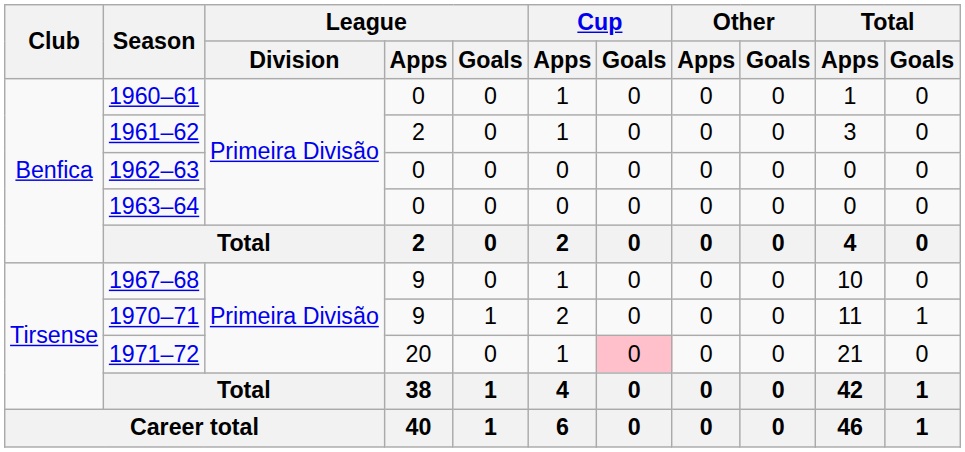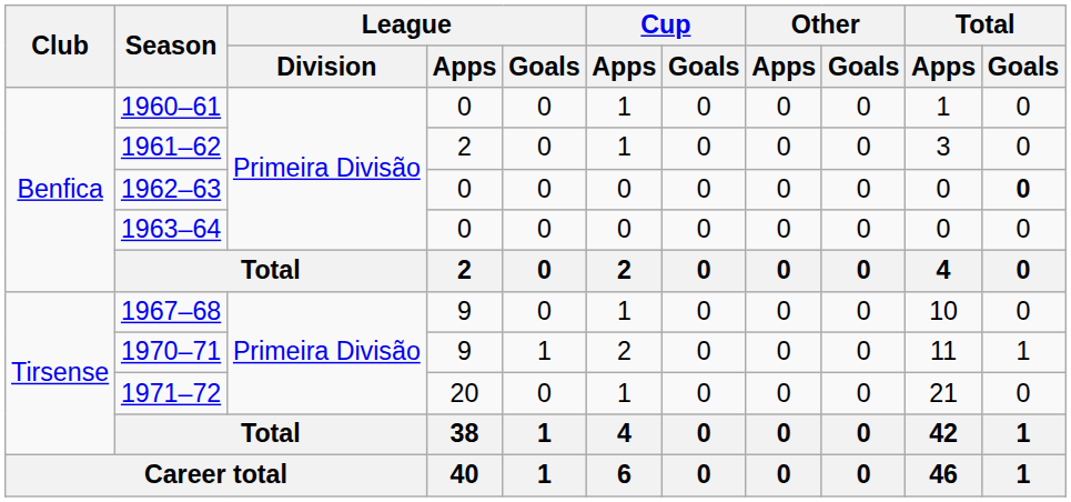 <table class="wikitable" style="text-align: center">
 <tr>
 <th rowspan="2">Club</th>
 <th rowspan="2">Season</th>
 <th colspan="3">League</th>
 <th colspan="2"><a href='#'>Cup</a></th>
 <th colspan="2">Other</th>
 <th colspan="2">Total</th>
 </tr>
 <tr>
 <th>Division</th>
 <th>Apps</th>
 <th>Goals</th>
 <th>Apps</th>
 <th>Goals</th>
 <th>Apps</th>
 <th>Goals</th>
 <th>Apps</th>
 <th>Goals</th>
 </tr>
 <tr>
 <td rowspan="5"><a href='#'>Benfica</a></td>
 <td><a href='#'>1960–61</a></td>
 <td rowspan="4"><a href='#'>Primeira Divisão</a></td>
 <td>0</td>
 <td>0</td>
 <td>1</td>
 <td>0</td>
 <td>0</td>
 <td>0</td>
 <td>1</td>
 <td>0</td>
 </tr>
 <tr>
 <td><a href='#'>1961–62</a></td>
 <td>2</td>
 <td>0</td>
 <td>1</td>
 <td>0</td>
 <td>0</td>
 <td>0</td>
 <td>3</td>
 <td>0</td>
 </tr>
 <tr>
 <td><a href='#'>1962–63</a></td>
 <td>0</td>
 <td>0</td>
 <td>0</td>
 <td>0</td>
 <td>0</td>
 <td>0</td>
 <td>0</td>
-<td>0</td>
+<td><strong>0</strong></td>
 </tr>
 <tr>
 <td><a href='#'>1963–64</a></td>
 <td>0</td>
 <td>0</td>
 <td>0</td>
 <td>0</td>
 <td>0</td>
 <td>0</td>
 <td>0</td>
 <td>0</td>
 </tr>
 <tr>
 <th colspan="2"><strong>Total</strong></th>
 <th>2</th>
 <th>0</th>
 <th>2</th>
 <th>0</th>
 <th>0</th>
 <th>0</th>
 <th>4</th>
 <th>0</th>
 </tr>
 <tr>
 <td rowspan="4"><a href='#'>Tirsense</a></td>
 <td><a href='#'>1967–68</a></td>
 <td rowspan="3"><a href='#'>Primeira Divisão</a></td>
 <td>9</td>
 <td>0</td>
 <td>1</td>
 <td>0</td>
 <td>0</td>
 <td>0</td>
 <td>10</td>
 <td>0</td>
 </tr>
 <tr>
 <td><a href='#'>1970–71</a></td>
 <td>9</td>
 <td>1</td>
 <td>2</td>
 <td>0</td>
 <td>0</td>
 <td>0</td>
 <td>11</td>
 <td>1</td>
 </tr>
 <tr>
 <td><a href='#'>1971–72</a></td>
 <td>20</td>
 <td>0</td>
 <td>1</td>
-<td style="background: pink;">0</td>
+<td>0</td>
 <td>0</td>
 <td>0</td>
 <td>21</td>
 <td>0</td>
 </tr>
 <tr>
 <th colspan="2"><strong>Total</strong></th>
 <th>38</th>
 <th>1</th>
 <th>4</th>
 <th>0</th>
 <th>0</th>
 <th>0</th>
 <th>42</th>
 <th>1</th>
 </tr>
 <tr>
 <th colspan="3"><strong>Career total</strong></th>
 <th>40</th>
 <th>1</th>
 <th>6</th>
 <th>0</th>
 <th>0</th>
 <th>0</th>
 <th>46</th>
 <th>1</th>
 </tr>
 </table>
